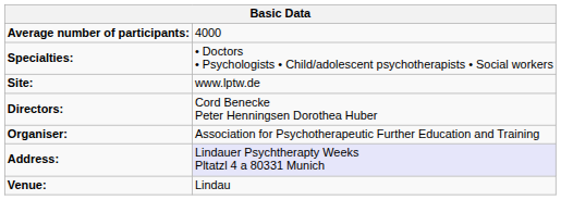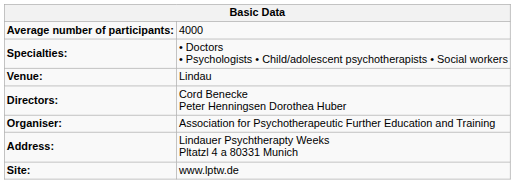 <table class="wikitable">
 <tr>
 <th colspan="2">Basic Data</th>
 </tr>
 <tr>
 <td><strong>Average number of participants:</strong></td>
 <td>4000</td>
 </tr>
 <tr>
 <td><strong>Specialties:</strong></td>
 <td>• Doctors<br>• Psychologists • Child/adolescent psychotherapists • Social workers</td>
 </tr>
 <tr>
-<td><strong>Site:</strong></td>
-<td>www.lptw.de</td>
+<td><strong>Venue:</strong></td>
+<td>Lindau</td>
 </tr>
 <tr>
 <td><strong>Directors:</strong></td>
 <td>Cord Benecke<br>Peter Henningsen Dorothea Huber</td>
 </tr>
 <tr>
 <td><strong>Organiser:</strong></td>
 <td>Association for Psychotherapeutic Further Education and Training</td>
 </tr>
 <tr>
 <td><strong>Address:</strong></td>
-<td style="background: lavender;">Lindauer Psychtherapty Weeks<br>Pltatzl 4 a 80331 Munich</td>
+<td>Lindauer Psychtherapty Weeks<br>Pltatzl 4 a 80331 Munich</td>
 </tr>
 <tr>
-<td><strong>Venue:</strong></td>
-<td>Lindau</td>
+<td><strong>Site:</strong></td>
+<td>www.lptw.de</td>
 </tr>
 </table>
